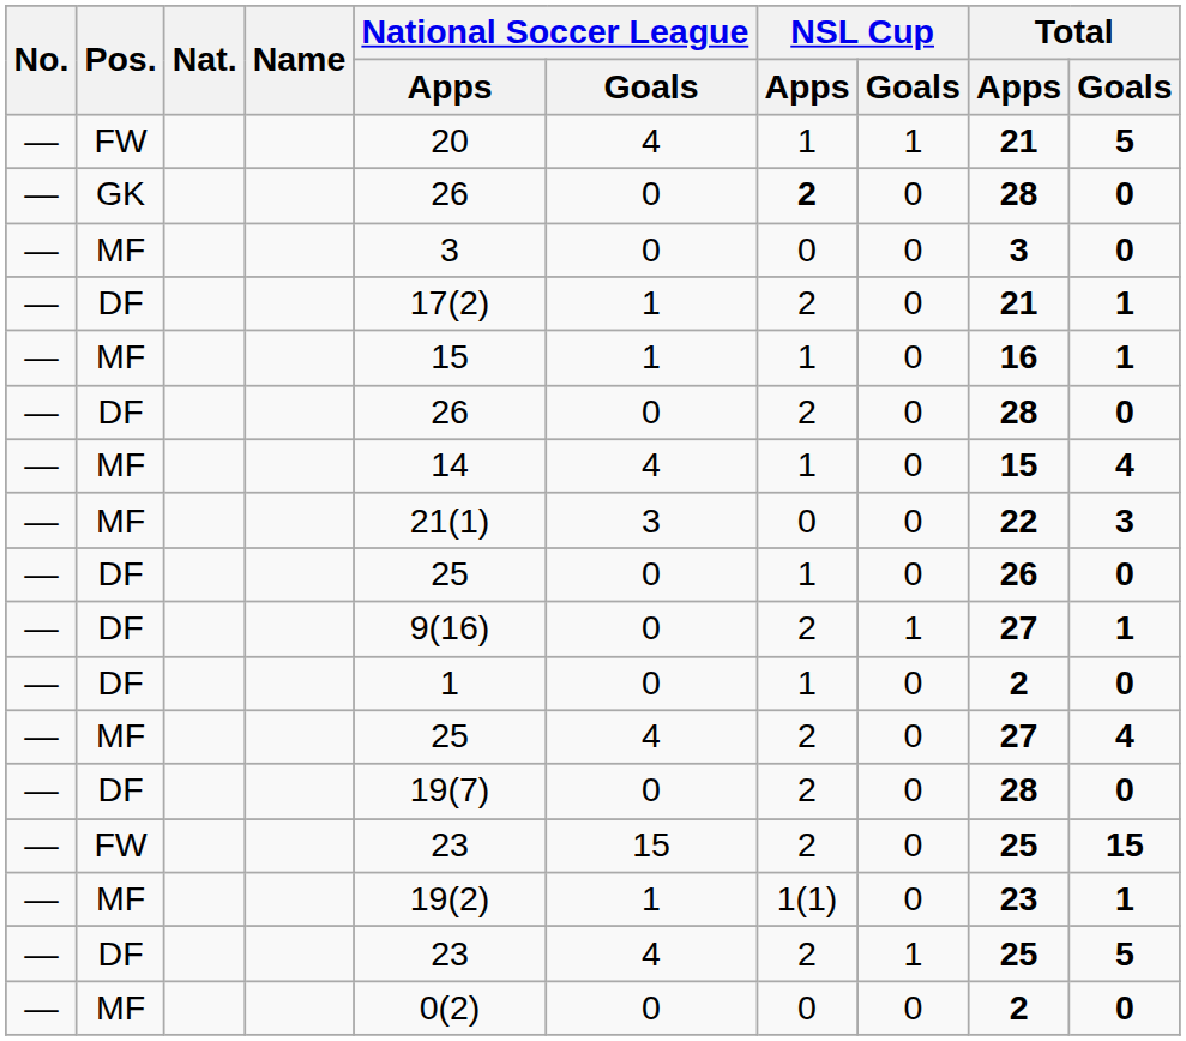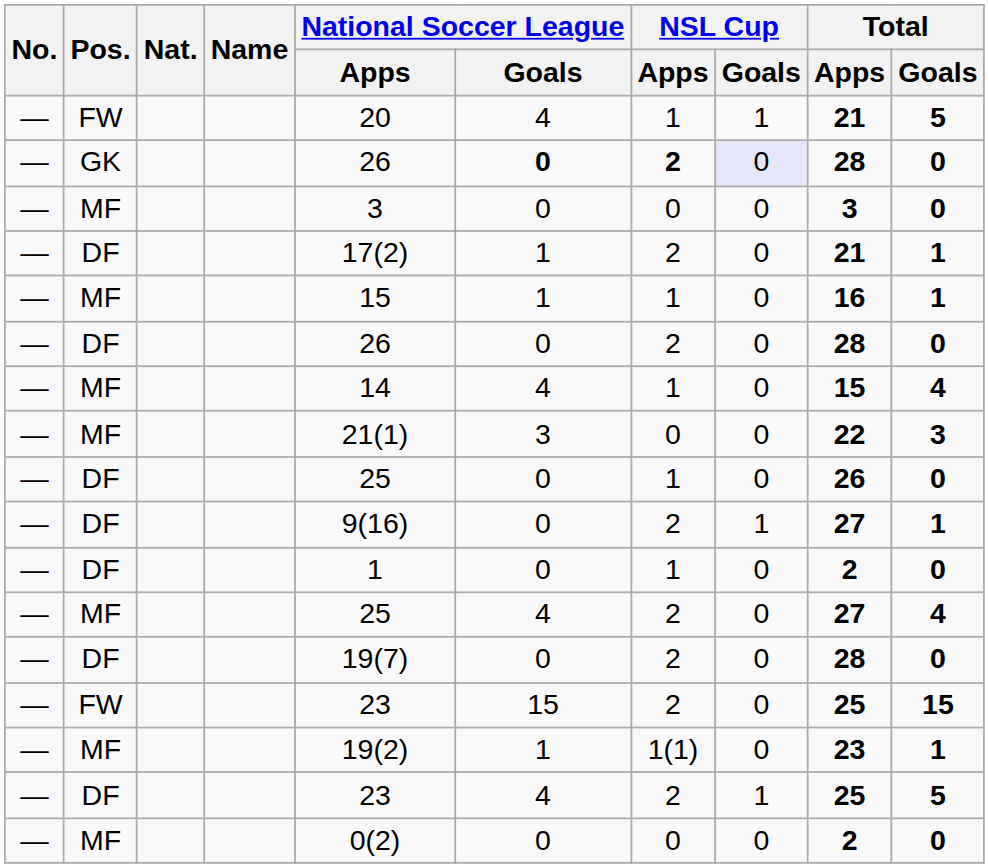 <table class="wikitable sortable" style="text-align:center">
 <tr>
 <th rowspan="2">No.</th>
 <th rowspan="2">Pos.</th>
 <th rowspan="2">Nat.</th>
 <th rowspan="2">Name</th>
 <th colspan="2"><a href='#'>National Soccer League</a></th>
 <th colspan="2"><a href='#'>NSL Cup</a></th>
 <th colspan="2">Total</th>
 </tr>
 <tr>
 <th>Apps</th>
 <th>Goals</th>
 <th>Apps</th>
 <th>Goals</th>
 <th>Apps</th>
 <th>Goals</th>
 </tr>
 <tr>
 <td>—</td>
 <td>FW</td>
 <td></td>
 <td align=left></td>
 <td>20</td>
 <td>4</td>
 <td>1</td>
 <td>1</td>
 <td><strong>21</strong></td>
 <td><strong>5</strong></td>
 </tr>
 <tr>
 <td>—</td>
 <td>GK</td>
 <td></td>
 <td align=left></td>
 <td>26</td>
-<td>0</td>
+<td><strong>0</strong></td>
 <td><strong>2</strong></td>
-<td>0</td>
+<td style="background: lavender;">0</td>
 <td><strong>28</strong></td>
 <td><strong>0</strong></td>
 </tr>
 <tr>
 <td>—</td>
 <td>MF</td>
 <td></td>
 <td align=left></td>
 <td>3</td>
 <td>0</td>
 <td>0</td>
 <td>0</td>
 <td><strong>3</strong></td>
 <td><strong>0</strong></td>
 </tr>
 <tr>
 <td>—</td>
 <td>DF</td>
 <td></td>
 <td align=left></td>
 <td>17(2)</td>
 <td>1</td>
 <td>2</td>
 <td>0</td>
 <td><strong>21</strong></td>
 <td><strong>1</strong></td>
 </tr>
 <tr>
 <td>—</td>
 <td>MF</td>
 <td></td>
 <td align=left></td>
 <td>15</td>
 <td>1</td>
 <td>1</td>
 <td>0</td>
 <td><strong>16</strong></td>
 <td><strong>1</strong></td>
 </tr>
 <tr>
 <td>—</td>
 <td>DF</td>
 <td></td>
 <td align=left></td>
 <td>26</td>
 <td>0</td>
 <td>2</td>
 <td>0</td>
 <td><strong>28</strong></td>
 <td><strong>0</strong></td>
 </tr>
 <tr>
 <td>—</td>
 <td>MF</td>
 <td></td>
 <td align=left></td>
 <td>14</td>
 <td>4</td>
 <td>1</td>
 <td>0</td>
 <td><strong>15</strong></td>
 <td><strong>4</strong></td>
 </tr>
 <tr>
 <td>—</td>
 <td>MF</td>
 <td></td>
 <td align=left></td>
 <td>21(1)</td>
 <td>3</td>
 <td>0</td>
 <td>0</td>
 <td><strong>22</strong></td>
 <td><strong>3</strong></td>
 </tr>
 <tr>
 <td>—</td>
 <td>DF</td>
 <td></td>
 <td align=left></td>
 <td>25</td>
 <td>0</td>
 <td>1</td>
 <td>0</td>
 <td><strong>26</strong></td>
 <td><strong>0</strong></td>
 </tr>
 <tr>
 <td>—</td>
 <td>DF</td>
 <td></td>
 <td align=left></td>
 <td>9(16)</td>
 <td>0</td>
 <td>2</td>
 <td>1</td>
 <td><strong>27</strong></td>
 <td><strong>1</strong></td>
 </tr>
 <tr>
 <td>—</td>
 <td>DF</td>
 <td></td>
 <td align=left></td>
 <td>1</td>
 <td>0</td>
 <td>1</td>
 <td>0</td>
 <td><strong>2</strong></td>
 <td><strong>0</strong></td>
 </tr>
 <tr>
 <td>—</td>
 <td>MF</td>
 <td></td>
 <td align=left></td>
 <td>25</td>
 <td>4</td>
 <td>2</td>
 <td>0</td>
 <td><strong>27</strong></td>
 <td><strong>4</strong></td>
 </tr>
 <tr>
 <td>—</td>
 <td>DF</td>
 <td></td>
 <td align=left></td>
 <td>19(7)</td>
 <td>0</td>
 <td>2</td>
 <td>0</td>
 <td><strong>28</strong></td>
 <td><strong>0</strong></td>
 </tr>
 <tr>
 <td>—</td>
 <td>FW</td>
 <td></td>
 <td align=left></td>
 <td>23</td>
 <td>15</td>
 <td>2</td>
 <td>0</td>
 <td><strong>25</strong></td>
 <td><strong>15</strong></td>
 </tr>
 <tr>
 <td>—</td>
 <td>MF</td>
 <td></td>
 <td align=left></td>
 <td>19(2)</td>
 <td>1</td>
 <td>1(1)</td>
 <td>0</td>
 <td><strong>23</strong></td>
 <td><strong>1</strong></td>
 </tr>
 <tr>
 <td>—</td>
 <td>DF</td>
 <td></td>
 <td align=left></td>
 <td>23</td>
 <td>4</td>
 <td>2</td>
 <td>1</td>
 <td><strong>25</strong></td>
 <td><strong>5</strong></td>
 </tr>
 <tr>
 <td>—</td>
 <td>MF</td>
 <td></td>
 <td align=left></td>
 <td>0(2)</td>
 <td>0</td>
 <td>0</td>
 <td>0</td>
 <td><strong>2</strong></td>
 <td><strong>0</strong></td>
 </tr>
 </table>
